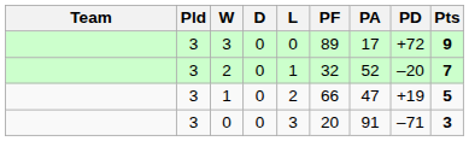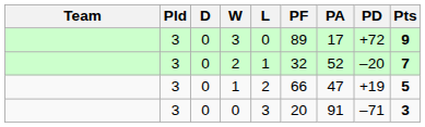 <table class="wikitable" style="text-align:center;">
 <tr>
 <th width="160">Team</th>
 <th width="25" abbr="Played">Pld</th>
+<th width="25" abbr="Drawn">D</th>
 <th width="25" abbr="Won">W</th>
-<th width="25" abbr="Drawn">D</th>
 <th width="25" abbr="Lost">L</th>
 <th width="32" abbr="Points for">PF</th>
 <th width="32" abbr="Points against">PA</th>
 <th width="32" abbr="Points difference">PD</th>
 <th width="25" abbr="Points">Pts</th>
 </tr>
 <tr bgcolor="ccffcc">
 <td align="left"></td>
 <td>3</td>
+<td>0</td>
 <td>3</td>
-<td>0</td>
 <td>0</td>
 <td>89</td>
 <td>17</td>
 <td>+72</td>
 <td><strong>9</strong></td>
 </tr>
 <tr bgcolor="ccffcc">
 <td align="left"></td>
 <td>3</td>
+<td>0</td>
 <td>2</td>
-<td>0</td>
 <td>1</td>
 <td>32</td>
 <td>52</td>
 <td>–20</td>
 <td><strong>7</strong></td>
 </tr>
 <tr>
 <td align="left"></td>
 <td>3</td>
+<td>0</td>
 <td>1</td>
-<td>0</td>
 <td>2</td>
 <td>66</td>
 <td>47</td>
 <td>+19</td>
 <td><strong>5</strong></td>
 </tr>
 <tr>
 <td align="left"></td>
 <td>3</td>
 <td>0</td>
 <td>0</td>
 <td>3</td>
 <td>20</td>
 <td>91</td>
 <td>–71</td>
 <td><strong>3</strong></td>
 </tr>
 </table>
